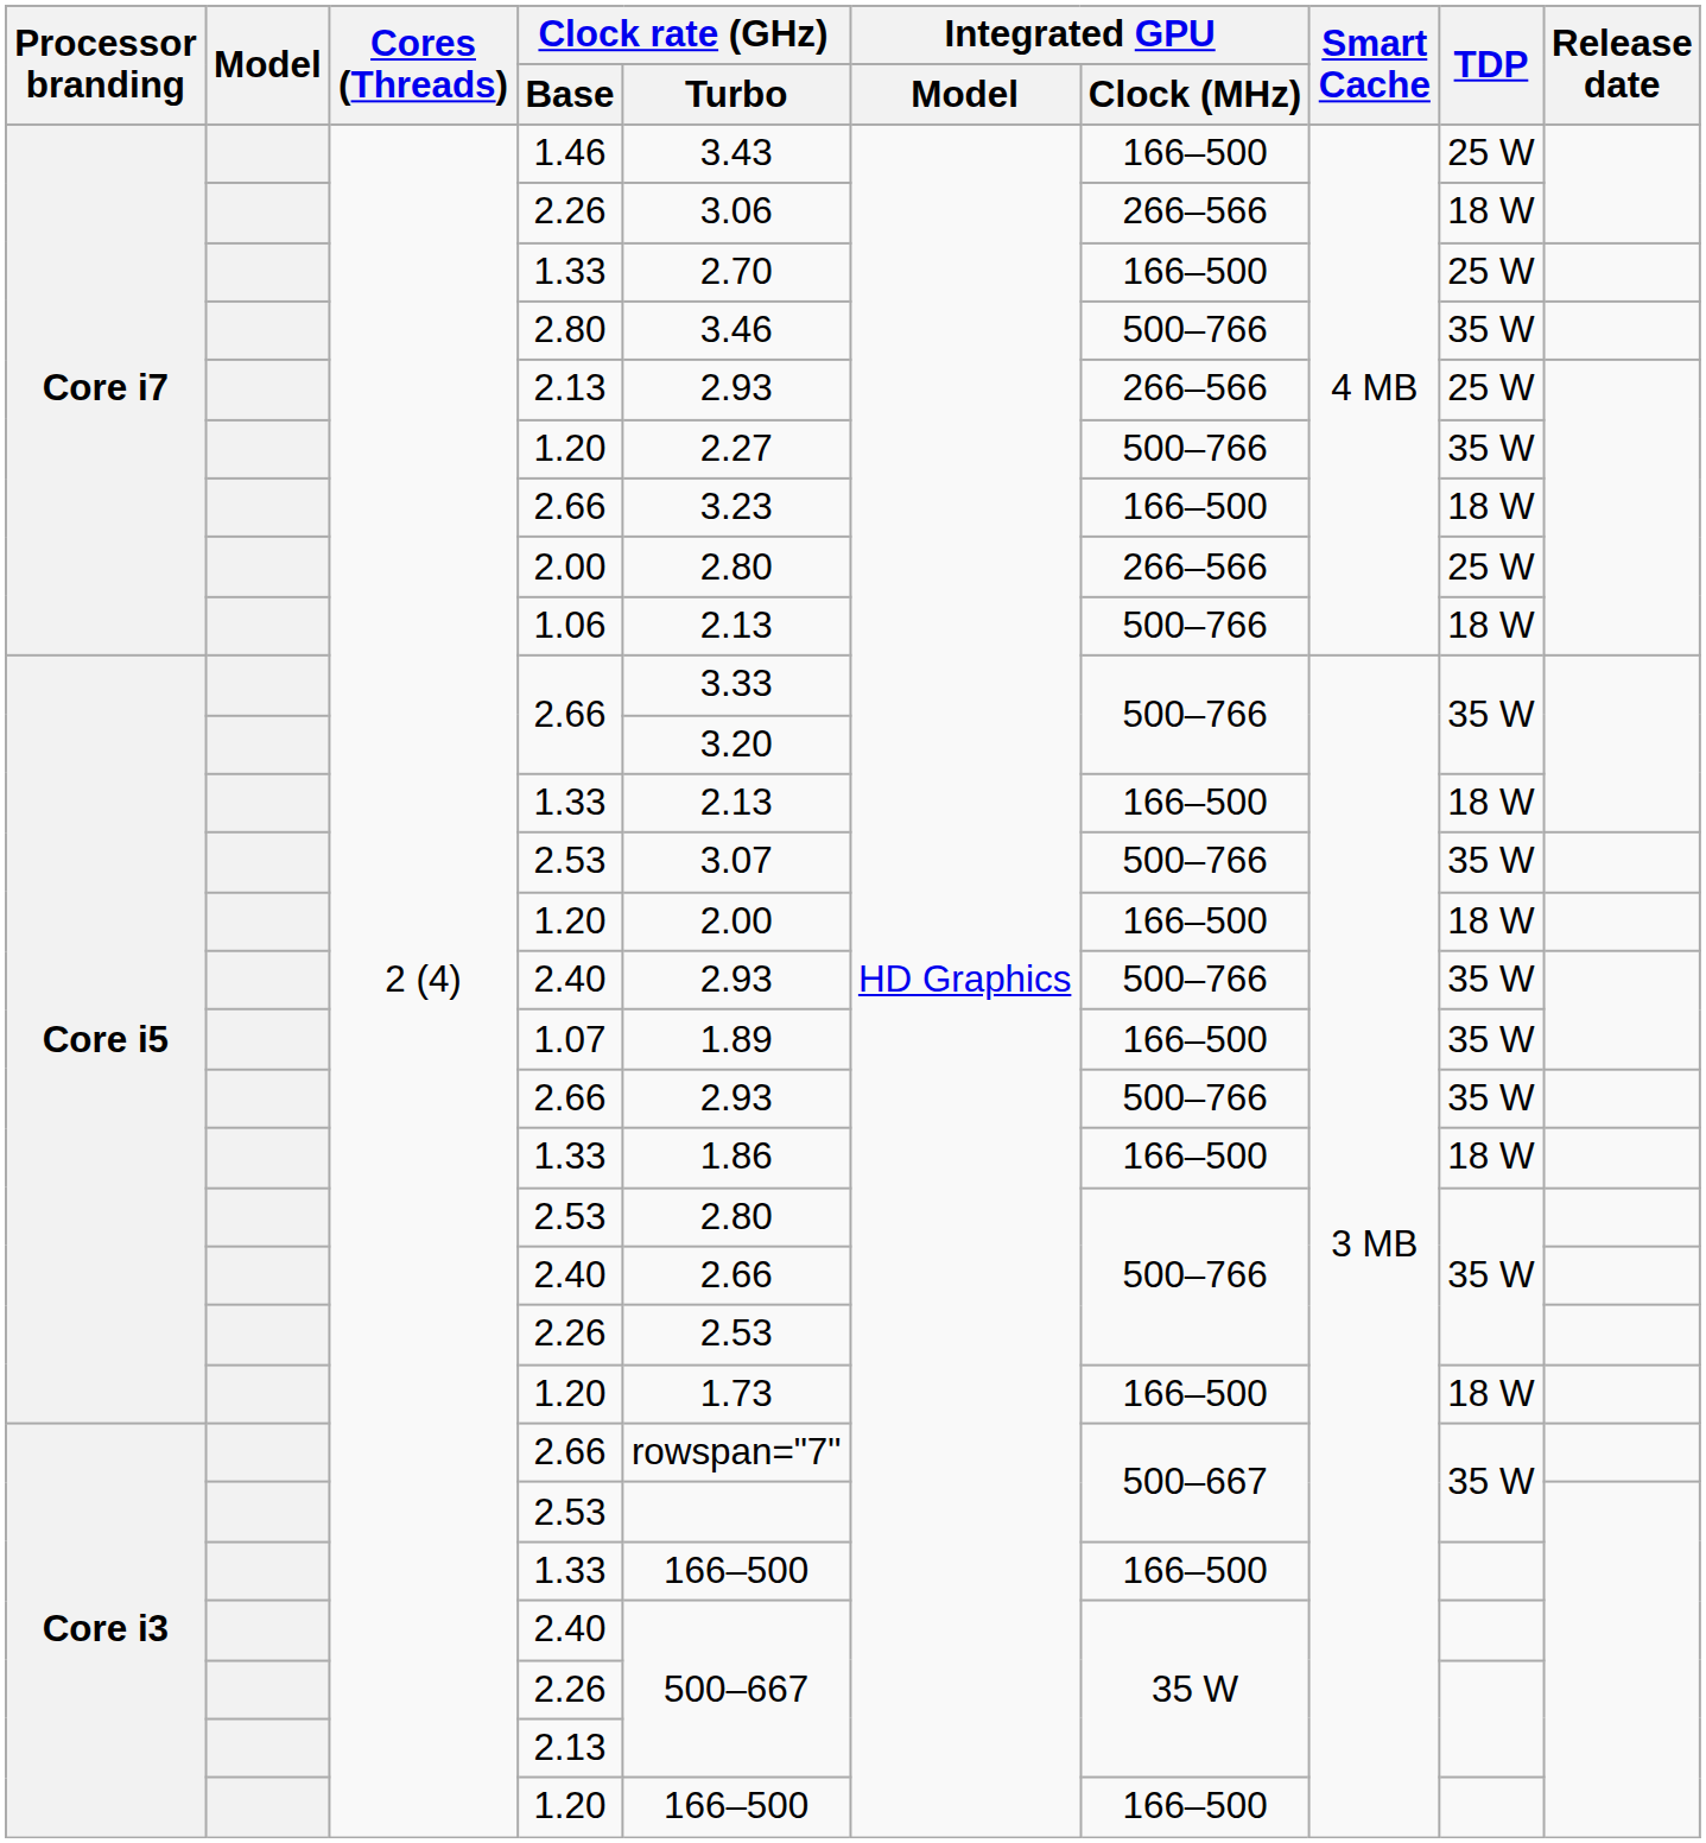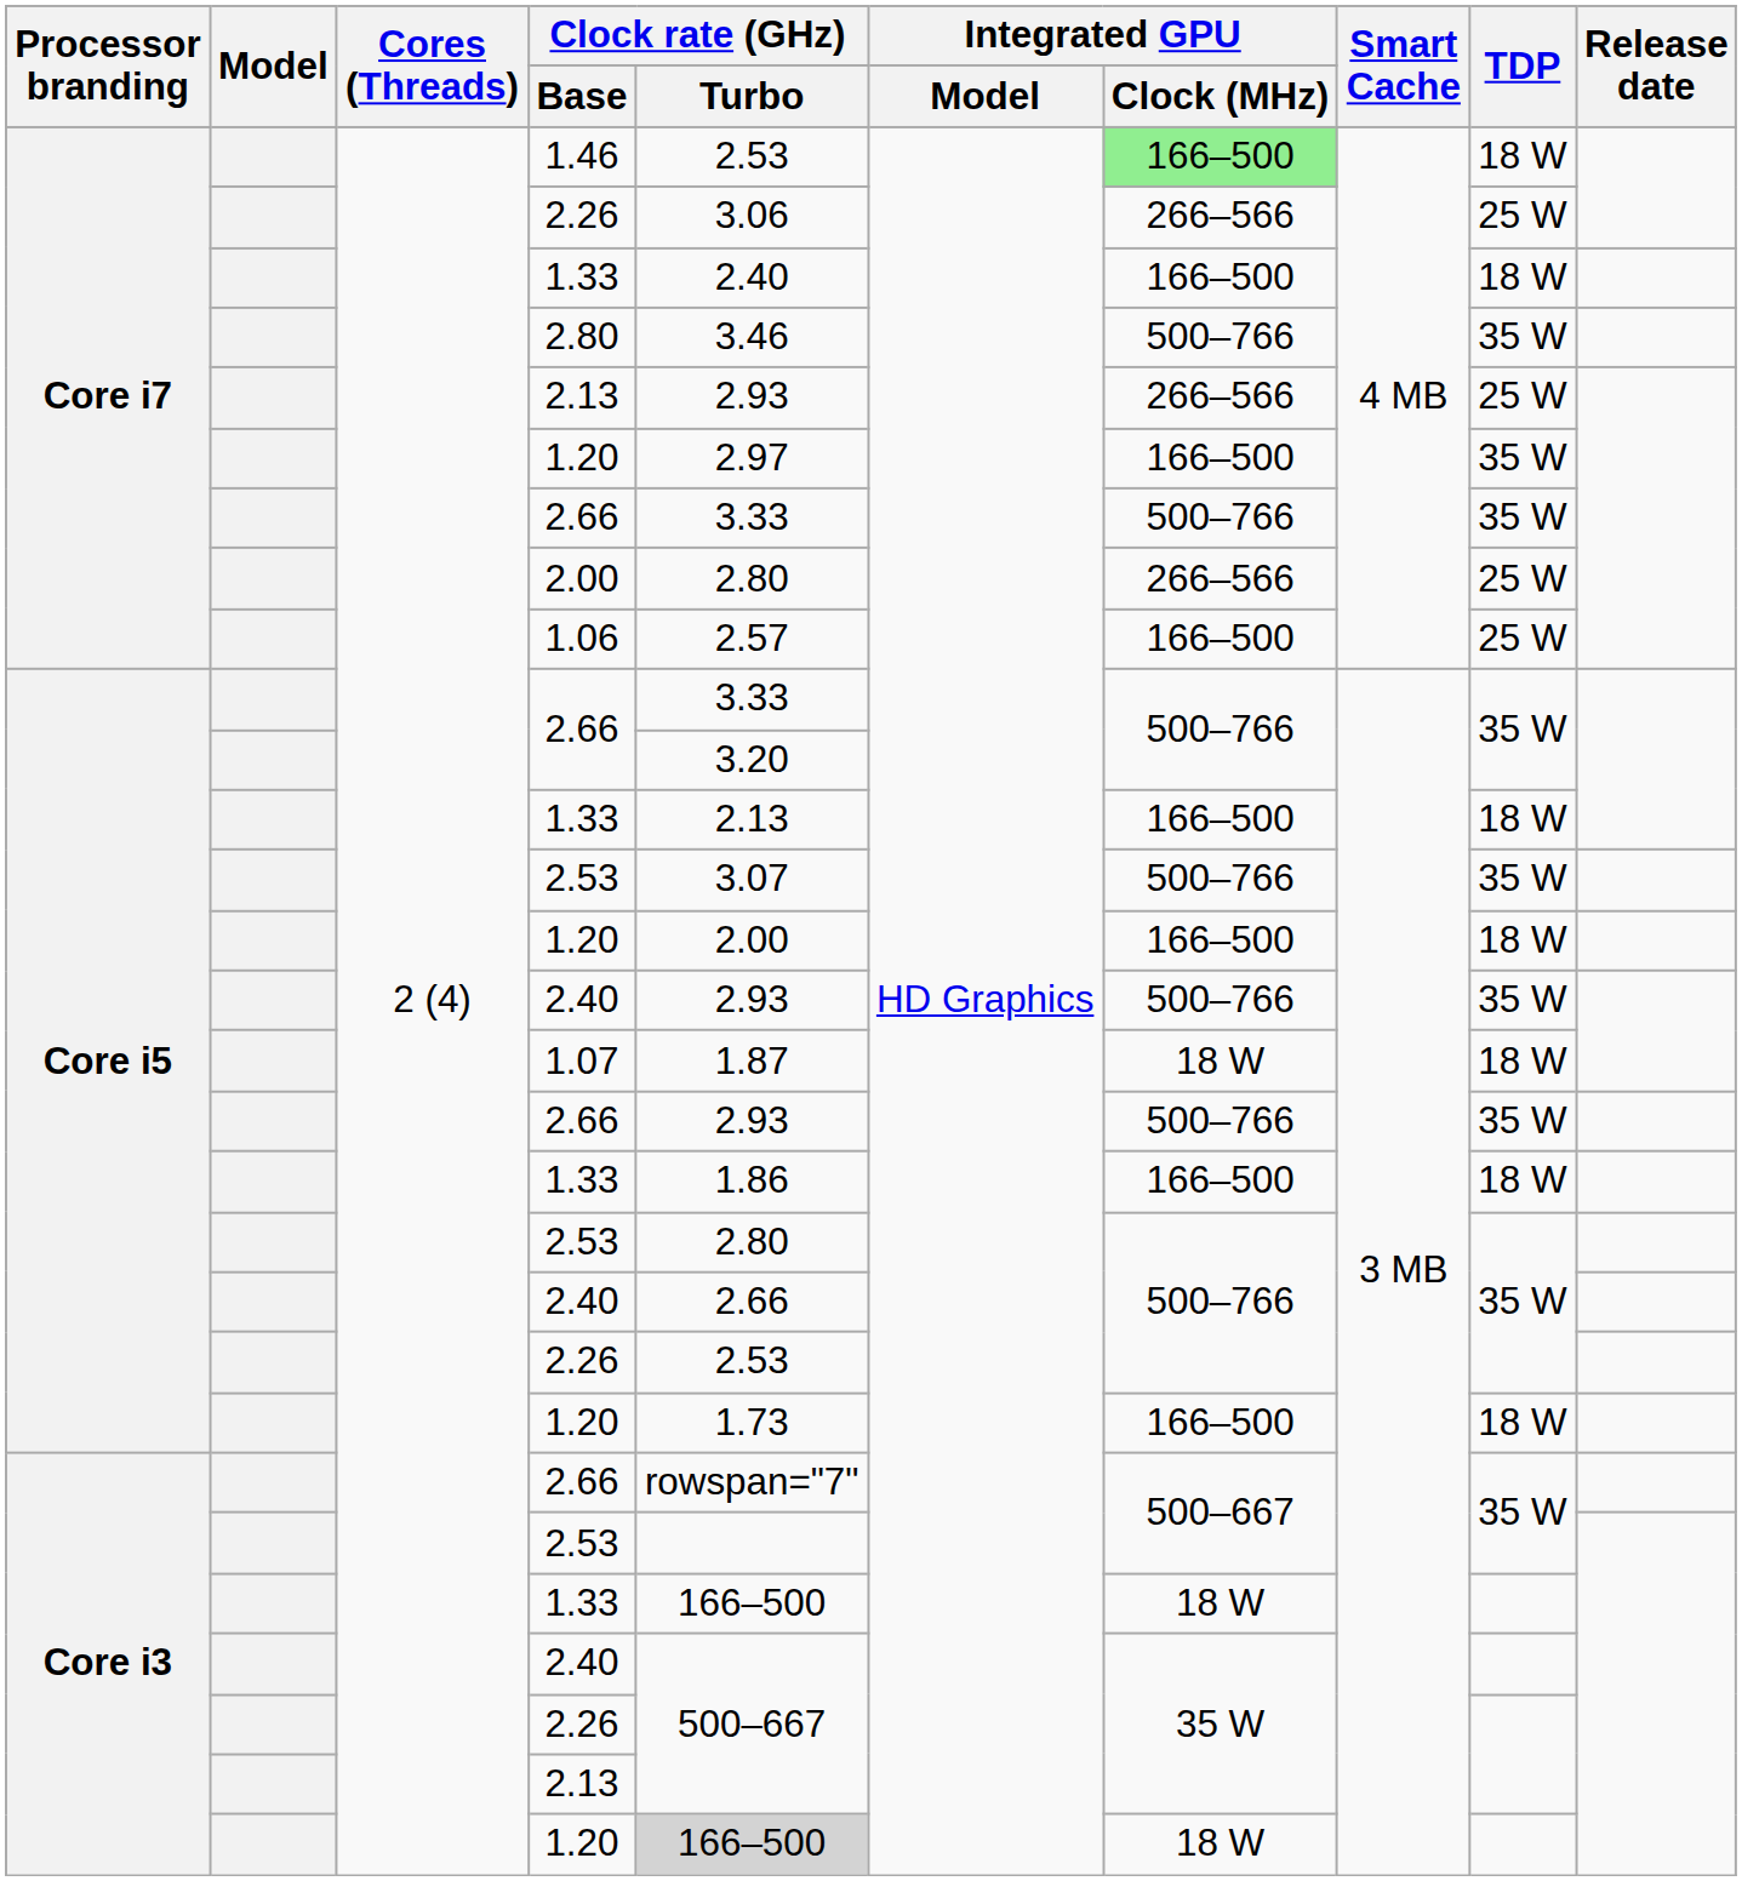 <table class="wikitable sortable nowrap" style="text-align: center;">
 <tr>
 <th class="unsortable" rowspan="2">Processor<br>branding</th>
 <th rowspan="2">Model</th>
 <th class="unsortable" rowspan="2"><a href='#'>Cores</a><br>(<a href='#'>Threads</a>)</th>
 <th colspan="2"><a href='#'>Clock rate</a> (GHz)</th>
 <th colspan="2">Integrated <a href='#'>GPU</a></th>
 <th class="unsortable" rowspan="2"><a href='#'>Smart<br>Cache</a></th>
 <th rowspan="2"><a href='#'>TDP</a></th>
 <th rowspan="2">Release<br>date</th>
 </tr>
 <tr>
 <th class="unsortable">Base</th>
 <th class="unsortable">Turbo</th>
 <th class="unsortable">Model</th>
 <th class="unsortable">Clock (MHz)</th>
 </tr>
 <tr>
 <th rowspan="9">Core i7</th>
 <th style="text-align:left;" data-sort-value="sku29"></th>
 <td rowspan="29">2 (4)</td>
 <td>1.46</td>
-<td>3.43</td>
+<td>2.53</td>
 <td rowspan="29"><a href='#'>HD Graphics</a></td>
-<td>166–500</td>
+<td style="background: lightgreen;">166–500</td>
 <td rowspan="9">4 MB</td>
-<td>25 W</td>
+<td>18 W</td>
 <td rowspan="2"></td>
 </tr>
 <tr>
 <th style="text-align:left;" data-sort-value="sku28"></th>
 <td>2.26</td>
 <td>3.06</td>
 <td>266–566</td>
-<td>18 W</td>
+<td>25 W</td>
 </tr>
 <tr>
 <th style="text-align:left;" data-sort-value="sku27"></th>
 <td>1.33</td>
-<td>2.70</td>
+<td>2.40</td>
 <td>166–500</td>
-<td>25 W</td>
+<td>18 W</td>
 <td></td>
 </tr>
 <tr>
 <th style="text-align:left;" data-sort-value="sku26"></th>
 <td>2.80</td>
 <td>3.46</td>
 <td>500–766</td>
 <td>35 W</td>
 <td></td>
 </tr>
 <tr>
 <th style="text-align:left;" data-sort-value="sku25"></th>
 <td>2.13</td>
 <td>2.93</td>
 <td>266–566</td>
 <td>25 W</td>
 <td rowspan="5"></td>
 </tr>
 <tr>
 <th style="text-align:left;" data-sort-value="sku24"></th>
 <td>1.20</td>
-<td>2.27</td>
-<td>500–766</td>
+<td>2.97</td>
+<td>166–500</td>
 <td>35 W</td>
 </tr>
 <tr>
 <th style="text-align:left;" data-sort-value="sku23"></th>
 <td>2.66</td>
-<td>3.23</td>
-<td>166–500</td>
-<td>18 W</td>
+<td>3.33</td>
+<td>500–766</td>
+<td>35 W</td>
 </tr>
 <tr>
 <th style="text-align:left;" data-sort-value="sku22"></th>
 <td>2.00</td>
 <td>2.80</td>
 <td>266–566</td>
 <td>25 W</td>
 </tr>
 <tr>
 <th style="text-align:left;" data-sort-value="sku21"></th>
 <td>1.06</td>
-<td>2.13</td>
-<td>500–766</td>
-<td>18 W</td>
+<td>2.57</td>
+<td>166–500</td>
+<td>25 W</td>
 </tr>
 <tr>
 <th rowspan="13">Core i5</th>
 <th style="text-align:left;" data-sort-value="sku20"></th>
 <td rowspan="2">2.66</td>
 <td>3.33</td>
 <td rowspan="2">500–766</td>
 <td rowspan="20">3 MB</td>
 <td rowspan="2">35 W</td>
 <td rowspan="3"></td>
 </tr>
 <tr>
 <th style="text-align:left;" data-sort-value="sku19"></th>
 <td>3.20</td>
 </tr>
 <tr>
 <th style="text-align:left;" data-sort-value="sku18"></th>
 <td>1.33</td>
 <td>2.13</td>
 <td>166–500</td>
 <td>18 W</td>
 </tr>
 <tr>
 <th style="text-align:left;" data-sort-value="sku17"></th>
 <td>2.53</td>
 <td>3.07</td>
 <td>500–766</td>
 <td>35 W</td>
 <td></td>
 </tr>
 <tr>
 <th style="text-align:left;" data-sort-value="sku16"></th>
 <td>1.20</td>
 <td>2.00</td>
 <td>166–500</td>
 <td>18 W</td>
 <td></td>
 </tr>
 <tr>
 <th style="text-align:left;" data-sort-value="sku15"></th>
 <td>2.40</td>
 <td>2.93</td>
 <td>500–766</td>
 <td>35 W</td>
 <td rowspan="2"></td>
 </tr>
 <tr>
 <th style="text-align:left;" data-sort-value="sku14"></th>
 <td>1.07</td>
-<td>1.89</td>
-<td>166–500</td>
-<td>35 W</td>
+<td>1.87</td>
+<td>18 W</td>
+<td>18 W</td>
 </tr>
 <tr>
 <th style="text-align:left;" data-sort-value="sku13"></th>
 <td>2.66</td>
 <td>2.93</td>
 <td>500–766</td>
 <td>35 W</td>
 <td></td>
 </tr>
 <tr>
 <th style="text-align:left;" data-sort-value="sku12"></th>
 <td>1.33</td>
 <td>1.86</td>
 <td>166–500</td>
 <td>18 W</td>
 <td></td>
 </tr>
 <tr>
 <th style="text-align:left;" data-sort-value="sku11"></th>
 <td>2.53</td>
 <td>2.80</td>
 <td rowspan="3">500–766</td>
 <td rowspan="3">35 W</td>
 <td></td>
 </tr>
 <tr>
 <th style="text-align:left;" data-sort-value="sku10"></th>
 <td>2.40</td>
 <td>2.66</td>
 <td></td>
 </tr>
 <tr>
 <th style="text-align:left;" data-sort-value="sku9"></th>
 <td>2.26</td>
 <td>2.53</td>
 <td></td>
 </tr>
 <tr>
 <th style="text-align:left;" data-sort-value="sku8"></th>
 <td>1.20</td>
 <td>1.73</td>
 <td>166–500</td>
 <td>18 W</td>
 <td></td>
 </tr>
 <tr>
 <th rowspan="7">Core i3</th>
 <th style="text-align:left;" data-sort-value="sku7"></th>
 <td>2.66</td>
 <td>rowspan="7" </td>
 <td rowspan="2">500–667</td>
 <td rowspan="2">35 W</td>
 <td></td>
 </tr>
 <tr>
 <th style="text-align:left;" data-sort-value="sku6"></th>
 <td>2.53</td>
 <td></td>
 </tr>
 <tr>
 <th style="text-align:left;" data-sort-value="sku5"></th>
 <td>1.33</td>
 <td>166–500</td>
-<td>166–500</td>
+<td>18 W</td>
 <td></td>
 </tr>
 <tr>
 <th style="text-align:left;" data-sort-value="sku4"></th>
 <td>2.40</td>
 <td rowspan="3">500–667</td>
 <td rowspan="3">35 W</td>
 <td></td>
 </tr>
 <tr>
 <th style="text-align:left;" data-sort-value="sku3"></th>
 <td>2.26</td>
 <td rowspan="2"></td>
 </tr>
 <tr>
 <th style="text-align:left;" data-sort-value="sku2"></th>
 <td>2.13</td>
 </tr>
 <tr>
 <th style="text-align:left;" data-sort-value="sku1"></th>
 <td>1.20</td>
-<td>166–500</td>
-<td>166–500</td>
+<td style="background: lightgrey;">166–500</td>
+<td>18 W</td>
 <td></td>
 </tr>
 </table>
